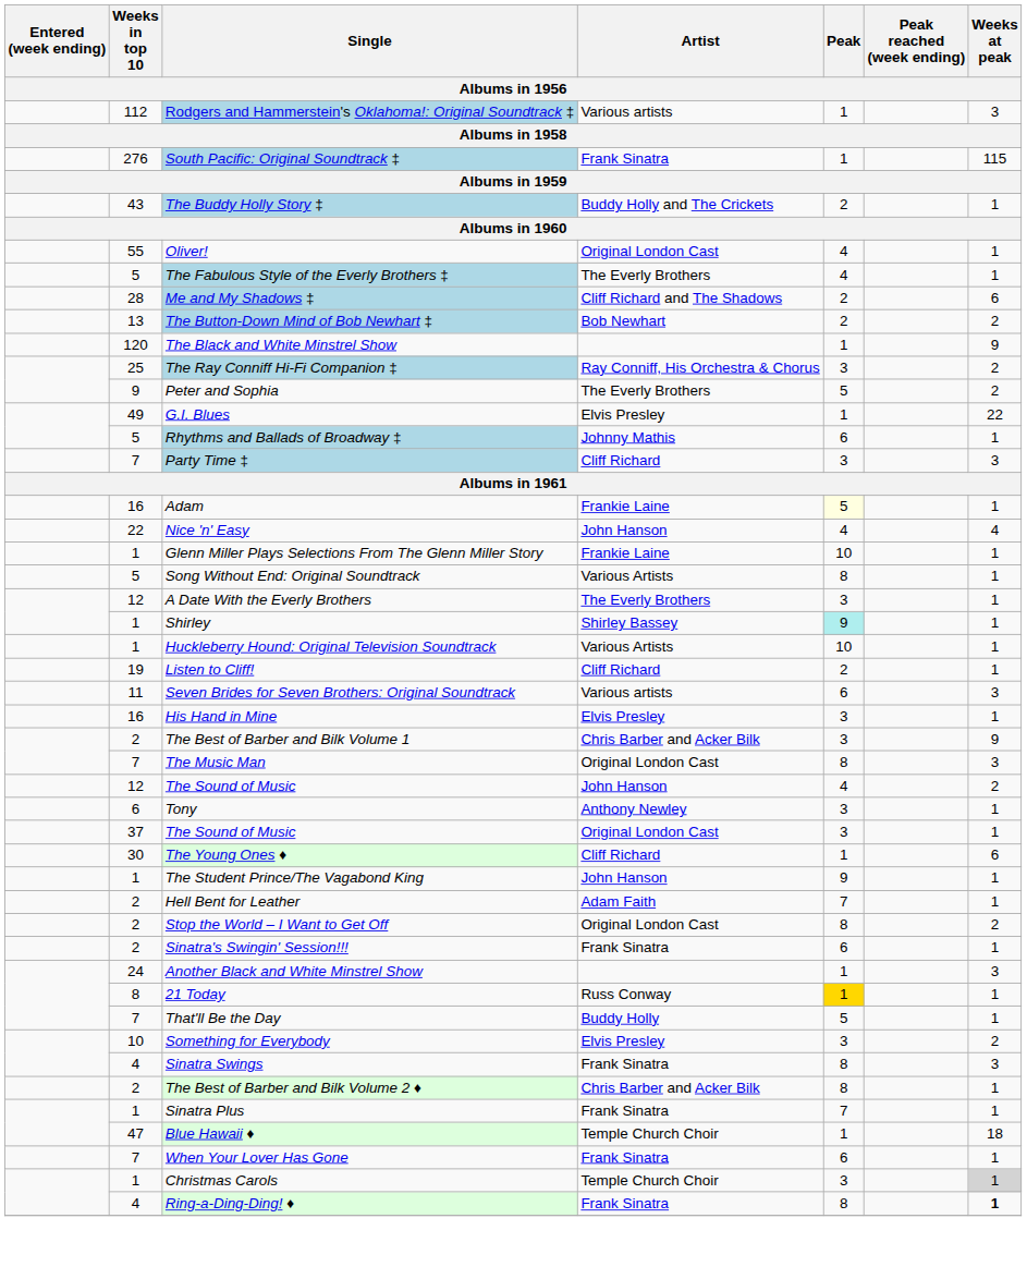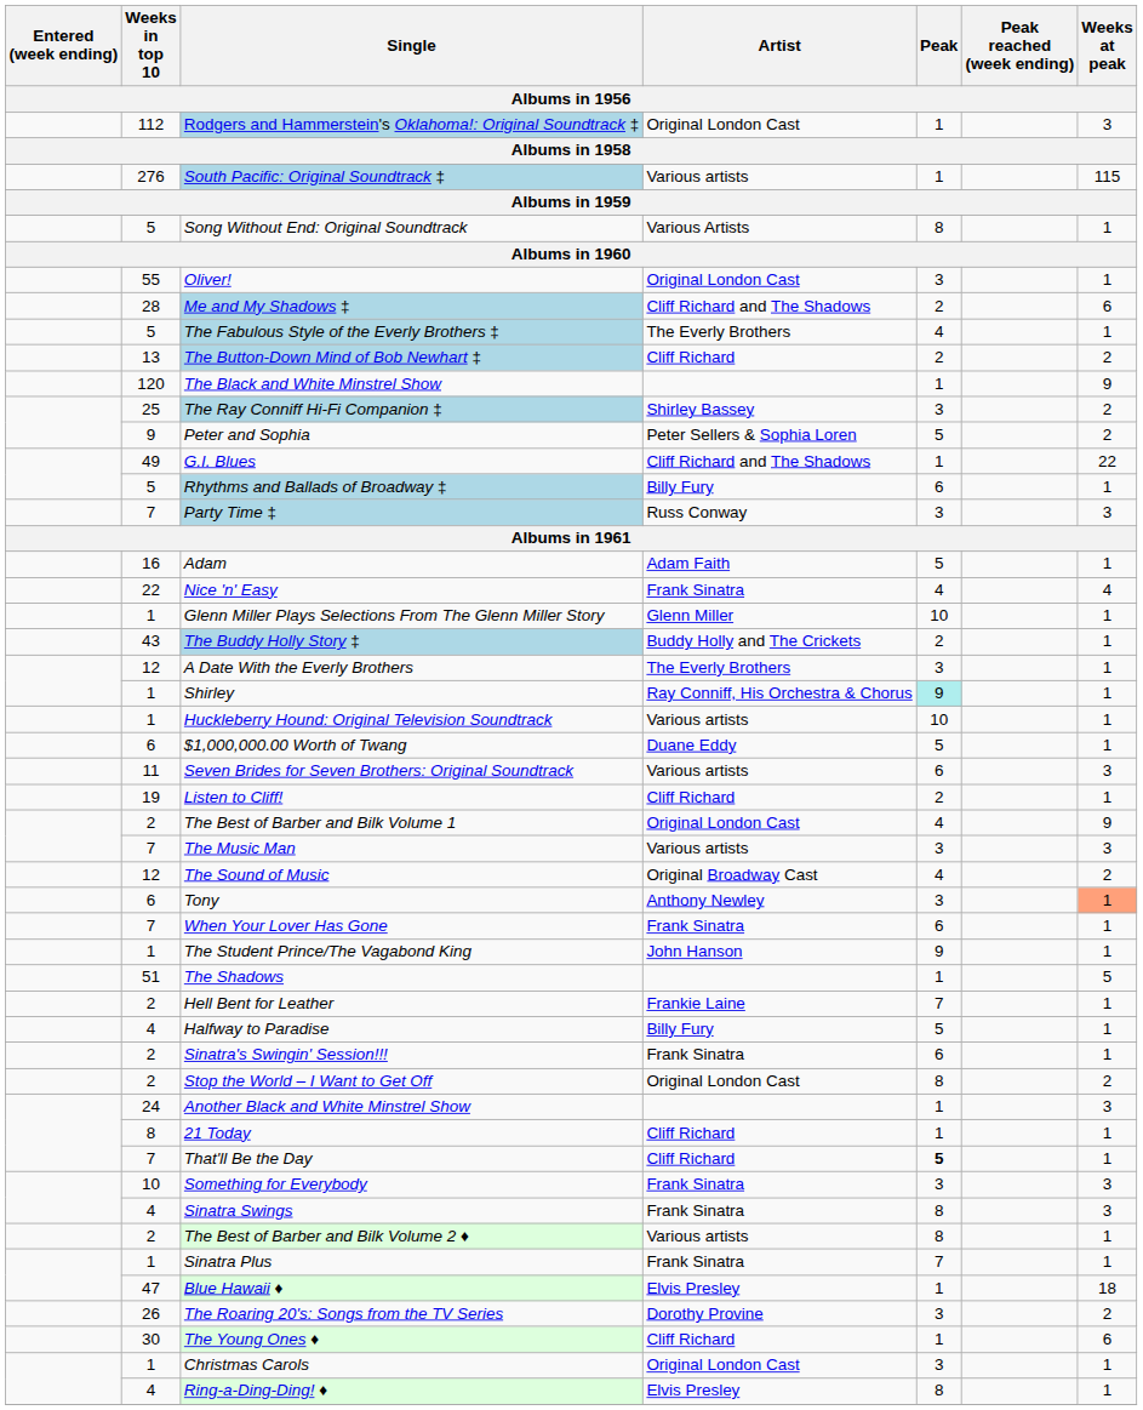 <table class="wikitable sortable" style="text-align:center;">
 <tr>
 <th>Entered <br>(week ending)</th>
 <th data-sort-type="number">Weeks<br>in<br>top<br>10</th>
 <th>Single</th>
 <th>Artist</th>
 <th data-sort-type="number">Peak</th>
 <th>Peak<br>reached <br>(week ending)</th>
 <th data-sort-type="number">Weeks<br>at<br>peak</th>
 </tr>
 <tr>
 <th colspan="7">Albums in 1956</th>
 </tr>
 <tr>
 <td></td>
 <td>112</td>
 <td align="left" bgcolor=lightblue><a href='#'>Rodgers and Hammerstein</a>'s <em><a href='#'>Oklahoma!: Original Soundtrack</a></em> ‡</td>
-<td align="left">Various artists</td>
+<td align="left">Original London Cast</td>
 <td>1</td>
 <td></td>
 <td>3</td>
 </tr>
 <tr>
 <th colspan="7">Albums in 1958</th>
 </tr>
 <tr>
 <td></td>
 <td>276</td>
 <td align="left" bgcolor=lightblue><em><a href='#'>South Pacific: Original Soundtrack</a></em> ‡ </td>
-<td align="left"><a href='#'>Frank Sinatra</a></td>
+<td align="left">Various artists</td>
 <td>1</td>
 <td></td>
 <td>115</td>
 </tr>
 <tr>
 <th colspan="7">Albums in 1959</th>
 </tr>
 <tr>
 <td></td>
-<td>43</td>
-<td align="left" bgcolor=lightblue><em><a href='#'>The Buddy Holly Story</a></em> ‡ </td>
-<td align="left"><a href='#'>Buddy Holly</a> and <a href='#'>The Crickets</a></td>
-<td>2</td>
+<td>5</td>
+<td align="left"><em>Song Without End: Original Soundtrack</em></td>
+<td align="left">Various Artists</td>
+<td>8</td>
 <td></td>
 <td>1</td>
 </tr>
 <tr>
 <th colspan="7">Albums in 1960</th>
 </tr>
 <tr>
 <td></td>
 <td>55</td>
 <td align="left"><em><a href='#'>Oliver!</a></em></td>
 <td align="left"><a href='#'>Original London Cast</a></td>
-<td>4</td>
-<td></td>
-<td>1</td>
-</tr>
-<tr>
-<td></td>
-<td>5</td>
-<td align="left" bgcolor=lightblue><em>The Fabulous Style of the Everly Brothers</em> ‡</td>
-<td align="left">The Everly Brothers</td>
-<td>4</td>
+<td>3</td>
 <td></td>
 <td>1</td>
 </tr>
 <tr>
 <td></td>
 <td>28</td>
 <td align="left" bgcolor=lightblue><em><a href='#'>Me and My Shadows</a></em> ‡</td>
 <td align="left"><a href='#'>Cliff Richard</a> and <a href='#'>The Shadows</a></td>
 <td>2</td>
 <td></td>
 <td>6</td>
 </tr>
 <tr>
 <td></td>
+<td>5</td>
+<td align="left" bgcolor=lightblue><em>The Fabulous Style of the Everly Brothers</em> ‡</td>
+<td align="left">The Everly Brothers</td>
+<td>4</td>
+<td></td>
+<td>1</td>
+</tr>
+<tr>
+<td></td>
 <td>13</td>
 <td align="left" bgcolor=lightblue><em><a href='#'>The Button-Down Mind of Bob Newhart</a></em> ‡</td>
-<td align="left"><a href='#'>Bob Newhart</a></td>
+<td align="left"><a href='#'>Cliff Richard</a></td>
 <td>2</td>
 <td></td>
 <td>2</td>
 </tr>
 <tr>
 <td></td>
 <td>120</td>
 <td align="left"><em><a href='#'>The Black and White Minstrel Show</a></em></td>
 <td align="left"></td>
 <td>1</td>
 <td></td>
 <td>9</td>
 </tr>
 <tr>
 <td rowspan="2"></td>
 <td>25</td>
 <td align="left" bgcolor=lightblue><em>The Ray Conniff Hi-Fi Companion</em> ‡</td>
-<td align="left"><a href='#'>Ray Conniff, His Orchestra & Chorus</a></td>
+<td align="left"><a href='#'>Shirley Bassey</a></td>
 <td>3</td>
 <td></td>
 <td>2</td>
 </tr>
 <tr>
 <td>9</td>
 <td align="left"><em>Peter and Sophia</em></td>
-<td align="left">The Everly Brothers</td>
+<td align="left">Peter Sellers & <a href='#'>Sophia Loren</a></td>
 <td>5</td>
 <td></td>
 <td>2</td>
 </tr>
 <tr>
 <td rowspan="2"></td>
 <td>49</td>
 <td align="left"><em><a href='#'>G.I. Blues</a></em></td>
-<td align="left">Elvis Presley</td>
+<td align="left"><a href='#'>Cliff Richard</a> and <a href='#'>The Shadows</a></td>
 <td>1</td>
 <td></td>
 <td>22</td>
 </tr>
 <tr>
 <td>5</td>
 <td align="left" bgcolor=lightblue><em>Rhythms and Ballads of Broadway</em> ‡</td>
-<td align="left"><a href='#'>Johnny Mathis</a></td>
+<td align="left"><a href='#'>Billy Fury</a></td>
 <td>6</td>
 <td></td>
 <td>1</td>
 </tr>
 <tr>
 <td></td>
 <td>7</td>
 <td align="left" bgcolor=lightblue><em>Party Time</em> ‡</td>
-<td align="left"><a href='#'>Cliff Richard</a></td>
+<td align="left">Russ Conway</td>
 <td>3</td>
 <td></td>
 <td>3</td>
 </tr>
 <tr>
 <th colspan="7">Albums in 1961</th>
 </tr>
 <tr>
 <td></td>
 <td>16</td>
 <td align="left"><em>Adam</em></td>
-<td align="left"><a href='#'>Frankie Laine</a></td>
-<td style="background: lightyellow;">5</td>
+<td align="left"><a href='#'>Adam Faith</a></td>
+<td>5</td>
 <td></td>
 <td>1</td>
 </tr>
 <tr>
 <td></td>
 <td>22</td>
 <td align="left"><em><a href='#'>Nice 'n' Easy</a></em></td>
-<td align="left"><a href='#'>John Hanson</a></td>
+<td align="left"><a href='#'>Frank Sinatra</a></td>
 <td>4</td>
 <td></td>
 <td>4</td>
 </tr>
 <tr>
 <td></td>
 <td>1</td>
 <td align="left"><em>Glenn Miller Plays Selections From The Glenn Miller Story</em></td>
-<td align="left"><a href='#'>Frankie Laine</a></td>
+<td align="left"><a href='#'>Glenn Miller</a></td>
 <td>10</td>
 <td></td>
 <td>1</td>
 </tr>
 <tr>
 <td></td>
-<td>5</td>
-<td align="left"><em>Song Without End: Original Soundtrack</em></td>
-<td align="left">Various Artists</td>
-<td>8</td>
+<td>43</td>
+<td align="left" bgcolor=lightblue><em><a href='#'>The Buddy Holly Story</a></em> ‡ </td>
+<td align="left"><a href='#'>Buddy Holly</a> and <a href='#'>The Crickets</a></td>
+<td>2</td>
 <td></td>
 <td>1</td>
 </tr>
 <tr>
 <td rowspan="2"></td>
 <td>12</td>
 <td align="left"><em>A Date With the Everly Brothers</em></td>
 <td align="left"><a href='#'>The Everly Brothers</a></td>
 <td>3</td>
 <td></td>
 <td>1</td>
 </tr>
 <tr>
 <td>1</td>
 <td align="left"><em>Shirley</em></td>
-<td align="left"><a href='#'>Shirley Bassey</a></td>
+<td align="left"><a href='#'>Ray Conniff, His Orchestra & Chorus</a></td>
 <td style="background: paleturquoise;">9</td>
 <td></td>
 <td>1</td>
 </tr>
 <tr>
 <td></td>
 <td>1</td>
 <td align="left"><em><a href='#'>Huckleberry Hound: Original Television Soundtrack</a></em></td>
-<td align="left">Various Artists</td>
+<td align="left">Various artists</td>
 <td>10</td>
 <td></td>
 <td>1</td>
 </tr>
 <tr>
 <td></td>
-<td>19</td>
-<td align="left"><em><a href='#'>Listen to Cliff!</a></em></td>
-<td align="left"><a href='#'>Cliff Richard</a></td>
-<td>2</td>
+<td>6</td>
+<td align="left"><em>$1,000,000.00 Worth of Twang</em></td>
+<td align="left"><a href='#'>Duane Eddy</a></td>
+<td>5</td>
 <td></td>
 <td>1</td>
 </tr>
 <tr>
 <td></td>
 <td>11</td>
 <td align="left"><em><a href='#'>Seven Brides for Seven Brothers: Original Soundtrack</a></em></td>
 <td align="left">Various artists</td>
 <td>6</td>
 <td></td>
 <td>3</td>
 </tr>
 <tr>
 <td></td>
-<td>16</td>
-<td align="left"><em><a href='#'>His Hand in Mine</a></em></td>
-<td align="left"><a href='#'>Elvis Presley</a></td>
-<td>3</td>
+<td>19</td>
+<td align="left"><em><a href='#'>Listen to Cliff!</a></em></td>
+<td align="left"><a href='#'>Cliff Richard</a></td>
+<td>2</td>
 <td></td>
 <td>1</td>
 </tr>
 <tr>
 <td rowspan="2"></td>
 <td>2</td>
 <td align="left"><em>The Best of Barber and Bilk Volume 1</em></td>
-<td align="left"><a href='#'>Chris Barber</a> and <a href='#'>Acker Bilk</a></td>
-<td>3</td>
+<td align="left"><a href='#'>Original London Cast</a></td>
+<td>4</td>
 <td></td>
 <td>9</td>
 </tr>
 <tr>
 <td>7</td>
 <td align="left"><em><a href='#'>The Music Man</a></em></td>
-<td align="left">Original London Cast</td>
-<td>8</td>
+<td align="left">Various artists</td>
+<td>3</td>
 <td></td>
 <td>3</td>
 </tr>
 <tr>
 <td></td>
 <td>12</td>
 <td align="left"><em><a href='#'>The Sound of Music</a></em></td>
-<td align="left"><a href='#'>John Hanson</a></td>
+<td align="left">Original <a href='#'>Broadway</a> Cast</td>
 <td>4</td>
 <td></td>
 <td>2</td>
 </tr>
 <tr>
 <td></td>
 <td>6</td>
 <td align="left"><em>Tony</em></td>
 <td align="left"><a href='#'>Anthony Newley</a></td>
 <td>3</td>
 <td></td>
-<td>1</td>
+<td style="background: lightsalmon;">1</td>
 </tr>
 <tr>
 <td></td>
-<td>37</td>
-<td align="left"><em><a href='#'>The Sound of Music</a></em></td>
-<td align="left"><a href='#'>Original London Cast</a></td>
-<td>3</td>
+<td>7</td>
+<td align="left"><em><a href='#'>When Your Lover Has Gone</a></em></td>
+<td align="left"><a href='#'>Frank Sinatra</a></td>
+<td>6</td>
 <td></td>
 <td>1</td>
-</tr>
-<tr>
-<td></td>
-<td>30</td>
-<td align="left" bgcolor=#DDFFDD><em><a href='#'>The Young Ones</a></em> ♦</td>
-<td align="left"><a href='#'>Cliff Richard</a></td>
-<td>1</td>
-<td></td>
-<td>6</td>
 </tr>
 <tr>
 <td></td>
 <td>1</td>
 <td align="left"><em>The Student Prince/The Vagabond King</em></td>
 <td align="left"><a href='#'>John Hanson</a></td>
 <td>9</td>
 <td></td>
 <td>1</td>
 </tr>
 <tr>
 <td></td>
+<td>51</td>
+<td align="left"><em><a href='#'>The Shadows</a></em></td>
+<td align="left"></td>
+<td>1</td>
+<td></td>
+<td>5</td>
+</tr>
+<tr>
+<td></td>
 <td>2</td>
 <td align="left"><em>Hell Bent for Leather</em></td>
-<td align="left"><a href='#'>Adam Faith</a></td>
+<td align="left"><a href='#'>Frankie Laine</a></td>
 <td>7</td>
+<td></td>
+<td>1</td>
+</tr>
+<tr>
+<td></td>
+<td>4</td>
+<td align="left"><em>Halfway to Paradise</em></td>
+<td align="left"><a href='#'>Billy Fury</a></td>
+<td>5</td>
+<td></td>
+<td>1</td>
+</tr>
+<tr>
+<td></td>
+<td>2</td>
+<td align="left"><em><a href='#'>Sinatra's Swingin' Session!!!</a></em></td>
+<td align="left">Frank Sinatra</td>
+<td>6</td>
 <td></td>
 <td>1</td>
 </tr>
 <tr>
 <td></td>
 <td>2</td>
 <td align="left"><em><a href='#'>Stop the World – I Want to Get Off</a></em></td>
 <td align="left">Original London Cast</td>
 <td>8</td>
 <td></td>
 <td>2</td>
 </tr>
 <tr>
-<td></td>
-<td>2</td>
-<td align="left"><em><a href='#'>Sinatra's Swingin' Session!!!</a></em></td>
-<td align="left">Frank Sinatra</td>
-<td>6</td>
-<td></td>
-<td>1</td>
-</tr>
-<tr>
 <td rowspan="3"></td>
 <td>24</td>
 <td align="left"><em><a href='#'>Another Black and White Minstrel Show</a></em></td>
 <td align="left"></td>
 <td>1</td>
 <td></td>
 <td>3</td>
 </tr>
 <tr>
 <td>8</td>
 <td align="left"><em><a href='#'>21 Today</a></em></td>
-<td align="left">Russ Conway</td>
-<td style="background: gold;">1</td>
+<td align="left"><a href='#'>Cliff Richard</a></td>
+<td>1</td>
 <td></td>
 <td>1</td>
 </tr>
 <tr>
 <td>7</td>
 <td align="left"><em>That'll Be the Day</em></td>
-<td align="left"><a href='#'>Buddy Holly</a></td>
-<td>5</td>
+<td align="left"><a href='#'>Cliff Richard</a></td>
+<td><strong>5</strong></td>
 <td></td>
 <td>1</td>
 </tr>
 <tr>
 <td rowspan="2"></td>
 <td>10</td>
 <td align="left"><em><a href='#'>Something for Everybody</a></em></td>
-<td align="left"><a href='#'>Elvis Presley</a></td>
+<td align="left"><a href='#'>Frank Sinatra</a></td>
 <td>3</td>
 <td></td>
-<td>2</td>
+<td>3</td>
 </tr>
 <tr>
 <td>4</td>
 <td align="left"><em><a href='#'>Sinatra Swings</a></em></td>
 <td align="left">Frank Sinatra</td>
 <td>8</td>
 <td></td>
 <td>3</td>
 </tr>
 <tr>
 <td></td>
 <td>2</td>
 <td align="left" bgcolor=#DDFFDD><em>The Best of Barber and Bilk Volume 2</em> ♦</td>
-<td align="left"><a href='#'>Chris Barber</a> and <a href='#'>Acker Bilk</a></td>
+<td align="left">Various artists</td>
 <td>8</td>
 <td></td>
 <td>1</td>
 </tr>
 <tr>
 <td rowspan="2"></td>
 <td>1</td>
 <td align="left"><em>Sinatra Plus</em></td>
 <td align="left">Frank Sinatra</td>
 <td>7</td>
 <td></td>
 <td>1</td>
 </tr>
 <tr>
 <td>47</td>
 <td align="left" bgcolor=#DDFFDD><em><a href='#'>Blue Hawaii</a></em> ♦</td>
-<td align="left">Temple Church Choir</td>
+<td align="left"><a href='#'>Elvis Presley</a></td>
 <td>1</td>
 <td></td>
 <td>18</td>
 </tr>
 <tr>
 <td></td>
-<td>7</td>
-<td align="left"><em><a href='#'>When Your Lover Has Gone</a></em></td>
-<td align="left"><a href='#'>Frank Sinatra</a></td>
+<td>26</td>
+<td align="left"><em><a href='#'>The Roaring 20's: Songs from the TV Series</a></em></td>
+<td align="left"><a href='#'>Dorothy Provine</a></td>
+<td>3</td>
+<td></td>
+<td>2</td>
+</tr>
+<tr>
+<td></td>
+<td>30</td>
+<td align="left" bgcolor=#DDFFDD><em><a href='#'>The Young Ones</a></em> ♦</td>
+<td align="left"><a href='#'>Cliff Richard</a></td>
+<td>1</td>
+<td></td>
 <td>6</td>
-<td></td>
-<td>1</td>
 </tr>
 <tr>
 <td rowspan="2"></td>
 <td>1</td>
 <td align="left"><em>Christmas Carols</em></td>
-<td align="left">Temple Church Choir</td>
+<td align="left"><a href='#'>Original London Cast</a></td>
 <td>3</td>
 <td></td>
-<td style="background: lightgrey;">1</td>
+<td>1</td>
 </tr>
 <tr>
 <td>4</td>
 <td align="left" bgcolor=#DDFFDD><em><a href='#'>Ring-a-Ding-Ding!</a></em> ♦</td>
-<td align="left"><a href='#'>Frank Sinatra</a></td>
+<td align="left"><a href='#'>Elvis Presley</a></td>
 <td>8</td>
 <td></td>
-<td><strong>1</strong></td>
+<td>1</td>
 </tr>
 <tr>
 </tr>
 </table>
